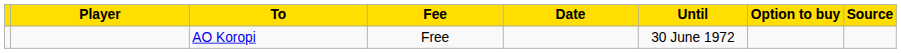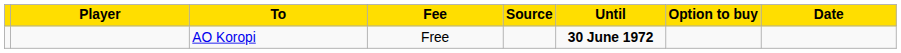 <table class="wikitable sortable">
 <tr>
 <th style="background:#FFDE00"></th>
 <th width=200 style="background:#FFDE00">Player</th>
 <th width=200 style="background:#FFDE00">To</th>
 <th width=150 style="background:#FFDE00">Fee</th>
-<th width=150 style="background:#FFDE00">Date</th>
+<th style="background:#FFDE00">Source</th>
 <th width=120 style="background:#FFDE00">Until</th>
 <th style="background:#FFDE00">Option to buy</th>
-<th style="background:#FFDE00">Source</th>
+<th width=150 style="background:#FFDE00">Date</th>
 </tr>
 <tr>
 <td align=center></td>
 <td></td>
 <td> <a href='#'>AO Koropi</a></td>
 <td align=center>Free</td>
 <td align=center></td>
-<td align=center>30 June 1972</td>
+<td align=center><strong>30 June 1972</strong></td>
 <td align=center></td>
 <td align=center></td>
 </tr>
 </table>
